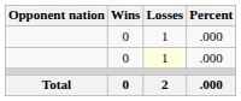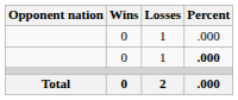 <table class=wikitable>
 <tr>
 <th>Opponent nation</th>
 <th>Wins</th>
 <th>Losses</th>
 <th>Percent</th>
 </tr>
 <tr align=center>
 <td align=left></td>
 <td>0</td>
 <td>1</td>
 <td>.000</td>
 </tr>
 <tr align=center>
 <td align=left></td>
 <td>0</td>
-<td style="background: lightyellow;">1</td>
-<td>.000</td>
+<td>1</td>
+<td><strong>.000</strong></td>
 </tr>
 <tr>
 <td colspan=4 bgcolor=lightgray></td>
 </tr>
 <tr>
 <th>Total</th>
 <th>0</th>
 <th>2</th>
 <th>.000</th>
 </tr>
 </table>
